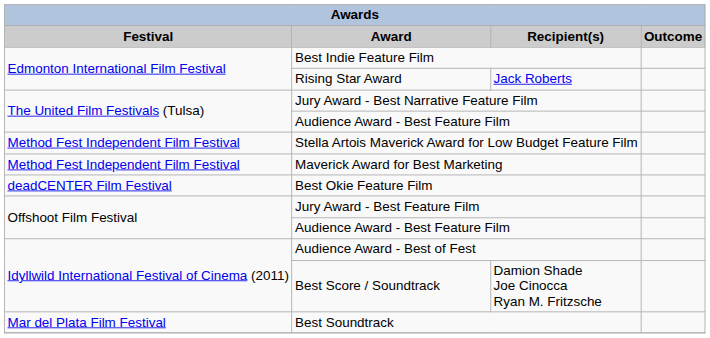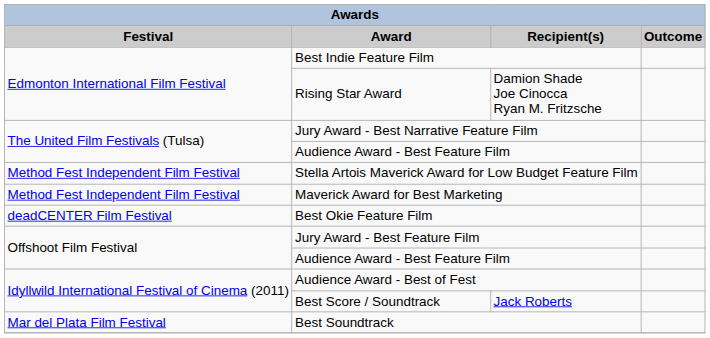 <table class="wikitable">
 <tr style="text-align:center;">
 <th colspan=4 style="background:#B0C4DE;">Awards</th>
 </tr>
 <tr style="text-align:center;">
 <th style="background:#ccc;">Festival</th>
 <th style="background:#ccc;">Award</th>
 <th style="background:#ccc;">Recipient(s)</th>
 <th style="background:#ccc;">Outcome</th>
 </tr>
 <tr>
 <td rowspan="2"><a href='#'>Edmonton International Film Festival</a></td>
 <td colspan="2">Best Indie Feature Film</td>
 <td></td>
 </tr>
 <tr>
 <td>Rising Star Award</td>
-<td><a href='#'>Jack Roberts</a></td>
+<td>Damion Shade<br>Joe Cinocca<br>Ryan M. Fritzsche</td>
 <td></td>
 </tr>
 <tr>
 <td rowspan="2"><a href='#'>The United Film Festivals</a> (Tulsa)</td>
 <td colspan="2">Jury Award - Best Narrative Feature Film</td>
 <td></td>
 </tr>
 <tr>
 <td colspan="2">Audience Award - Best Feature Film</td>
 <td></td>
 </tr>
 <tr>
 <td><a href='#'>Method Fest Independent Film Festival </a></td>
 <td colspan="2">Stella Artois Maverick Award for Low Budget Feature Film</td>
 <td></td>
 </tr>
 <tr>
 <td><a href='#'>Method Fest Independent Film Festival </a></td>
 <td colspan="2">Maverick Award for Best Marketing</td>
 <td></td>
 </tr>
 <tr>
 <td><a href='#'>deadCENTER Film Festival</a></td>
 <td colspan="2">Best Okie Feature Film</td>
 <td></td>
 </tr>
 <tr>
 <td rowspan="2">Offshoot Film Festival</td>
 <td colspan="2">Jury Award - Best Feature Film</td>
 <td></td>
 </tr>
 <tr>
 <td colspan="2">Audience Award - Best Feature Film</td>
 <td></td>
 </tr>
 <tr>
 <td rowspan="2"><a href='#'>Idyllwild International Festival of Cinema</a> (2011)</td>
 <td colspan="2">Audience Award - Best of Fest</td>
 <td></td>
 </tr>
 <tr>
 <td>Best Score / Soundtrack</td>
-<td>Damion Shade<br>Joe Cinocca<br>Ryan M. Fritzsche</td>
+<td><a href='#'>Jack Roberts</a></td>
 <td></td>
 </tr>
 <tr>
 <td><a href='#'>Mar del Plata Film Festival</a></td>
 <td colspan="2">Best Soundtrack</td>
 <td></td>
 </tr>
 <tr>
 </tr>
 </table>
